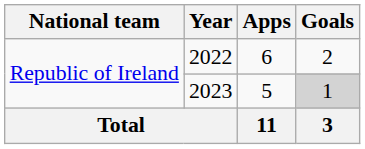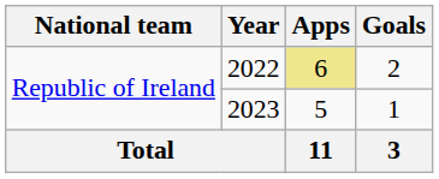 <table class="sortable wikitable" style="text-align:center">
 <tr>
 <th scope="col">National team</th>
 <th scope="col">Year</th>
 <th !scope="col">Apps</th>
 <th !scope="col">Goals</th>
 </tr>
 <tr>
 <td rowspan="2"><a href='#'>Republic of Ireland</a></td>
 <td scope="row">2022</td>
-<td>6</td>
+<td style="background: khaki;">6</td>
 <td>2</td>
 </tr>
 <tr>
 <td scope="row">2023</td>
 <td>5</td>
-<td style="background: lightgrey;">1</td>
+<td>1</td>
 </tr>
 <tr>
 <th colspan="2">Total</th>
 <th>11</th>
 <th>3</th>
 </tr>
 </table>
